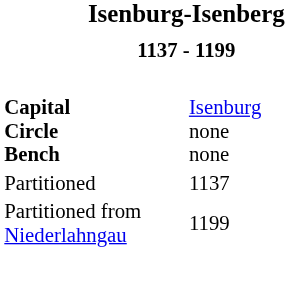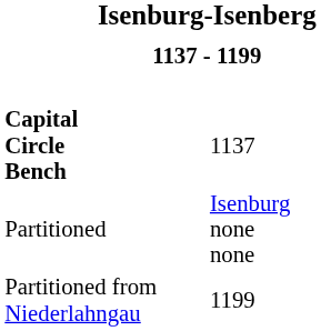 <table align="right" class="toccolours">
 <tr>
 <td colspan=2 align="center"><big><strong>Isenburg-Isenberg</strong></big></td>
 </tr>
 <tr>
 <td colspan=2 align="center"></td>
 </tr>
 <tr>
 <td colspan=2 align="center"><strong>1137 - 1199</strong></td>
 </tr>
 <tr>
 <td><br></td>
 </tr>
 <tr>
 <td width=138px><strong>Capital<br>Circle<br>Bench</strong></td>
-<td width=138px><a href='#'>Isenburg</a><br>none<br>none</td>
+<td>1137</td>
 </tr>
 <tr>
 <td>Partitioned</td>
-<td>1137</td>
+<td width=138px><a href='#'>Isenburg</a><br>none<br>none</td>
 </tr>
 <tr>
 <td>Partitioned from <a href='#'>Niederlahngau</a></td>
 <td>1199</td>
 </tr>
 <tr>
 </tr>
 </table>
